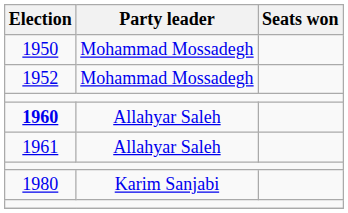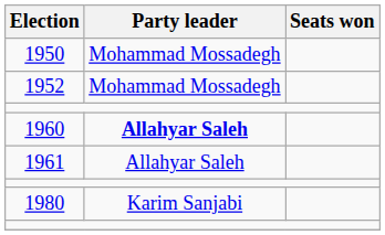 <table class="wikitable" style="font-size:90%;text-align:center;">
 <tr>
 <th>Election</th>
 <th>Party leader</th>
 <th>Seats won</th>
 </tr>
 <tr>
 <td><a href='#'>1950</a></td>
 <td><a href='#'>Mohammad Mossadegh</a></td>
 <td></td>
 </tr>
 <tr>
 <td><a href='#'>1952</a></td>
 <td><a href='#'>Mohammad Mossadegh</a></td>
 <td></td>
 </tr>
 <tr>
 <td colspan="6"><em></em></td>
 </tr>
 <tr>
-<td><strong><a href='#'>1960</a></strong></td>
-<td><a href='#'>Allahyar Saleh</a></td>
+<td><a href='#'>1960</a></td>
+<td><strong><a href='#'>Allahyar Saleh</a></strong></td>
 <td></td>
 </tr>
 <tr>
 <td><a href='#'>1961</a></td>
 <td><a href='#'>Allahyar Saleh</a></td>
 <td></td>
 </tr>
 <tr>
 <td colspan="6"><em></em></td>
 </tr>
 <tr>
 <td><a href='#'>1980</a></td>
 <td><a href='#'>Karim Sanjabi</a></td>
 <td></td>
 </tr>
 <tr>
 <td colspan="6"><em></em></td>
 </tr>
 <tr>
 </tr>
 </table>
